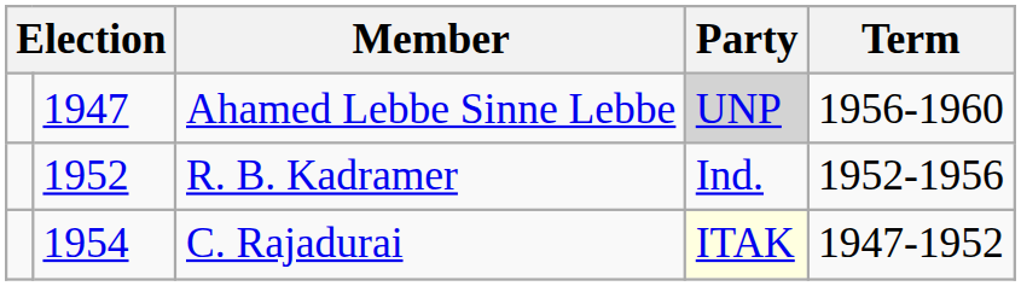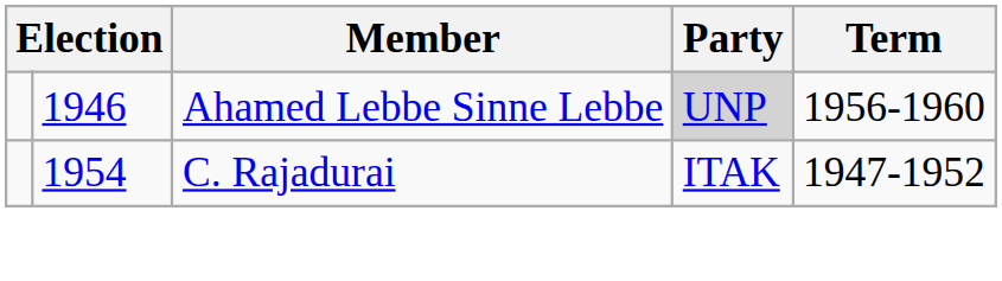 <table class="wikitable">
 <tr>
 <th colspan="2">Election</th>
 <th>Member</th>
 <th>Party</th>
 <th>Term</th>
 </tr>
 <tr>
 <td style="background-color: "></td>
-<td><a href='#'>1947</a></td>
+<td><a href='#'>1946</a></td>
 <td><a href='#'>Ahamed Lebbe Sinne Lebbe</a></td>
 <td style="background: lightgrey;"><a href='#'>UNP</a></td>
 <td>1956-1960</td>
 </tr>
 <tr>
 <td style="background-color: "></td>
-<td><a href='#'>1952</a></td>
-<td><a href='#'>R. B. Kadramer</a></td>
-<td><a href='#'>Ind.</a></td>
-<td>1952-1956</td>
-</tr>
-<tr>
-<td style="background-color: "></td>
 <td><a href='#'>1954</a></td>
 <td><a href='#'>C. Rajadurai</a></td>
-<td style="background: lightyellow;"><a href='#'>ITAK</a></td>
+<td><a href='#'>ITAK</a></td>
 <td>1947-1952</td>
 </tr>
 </table>
